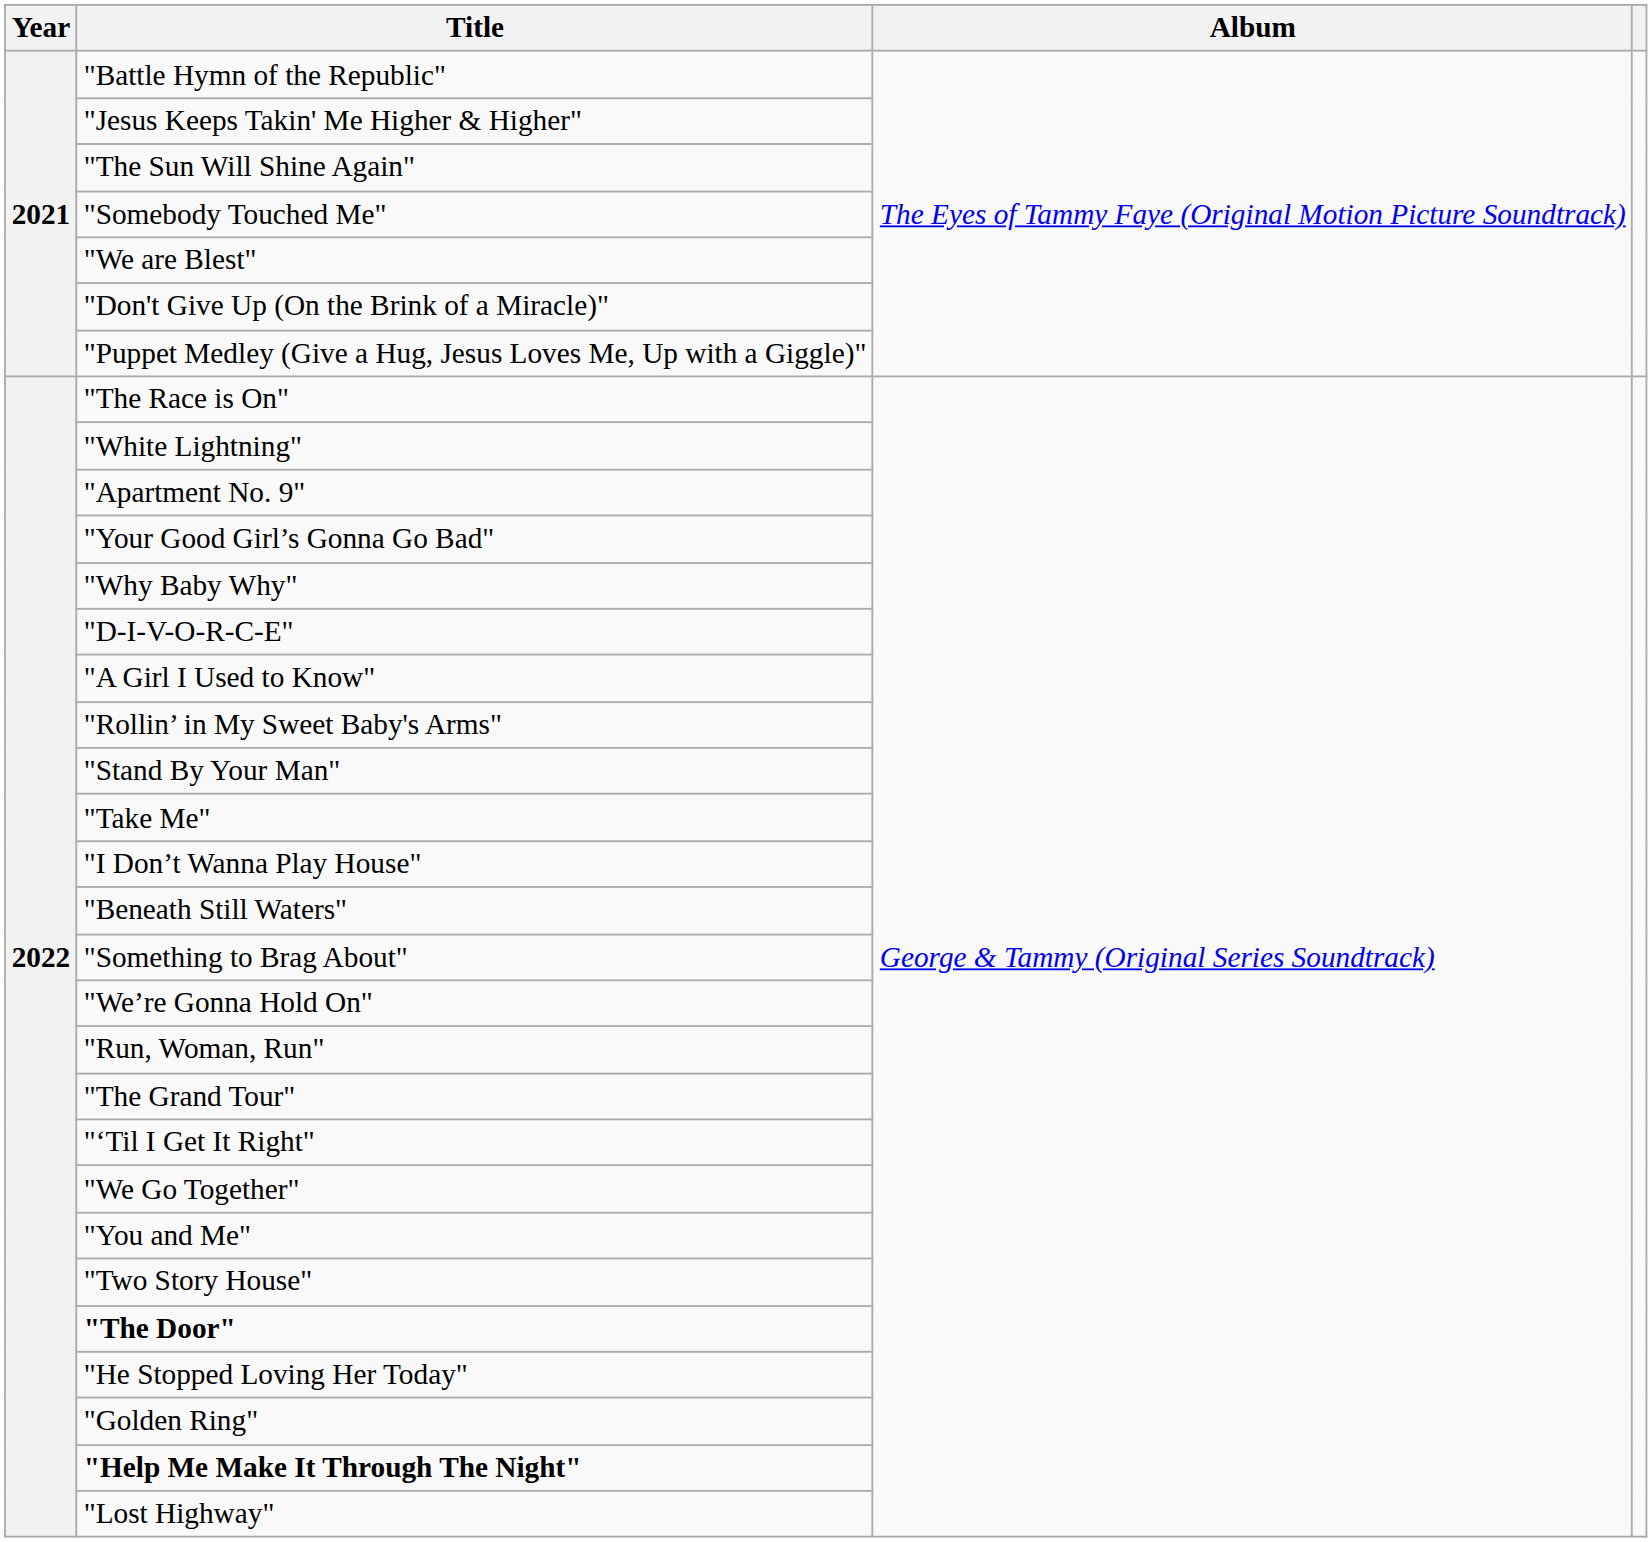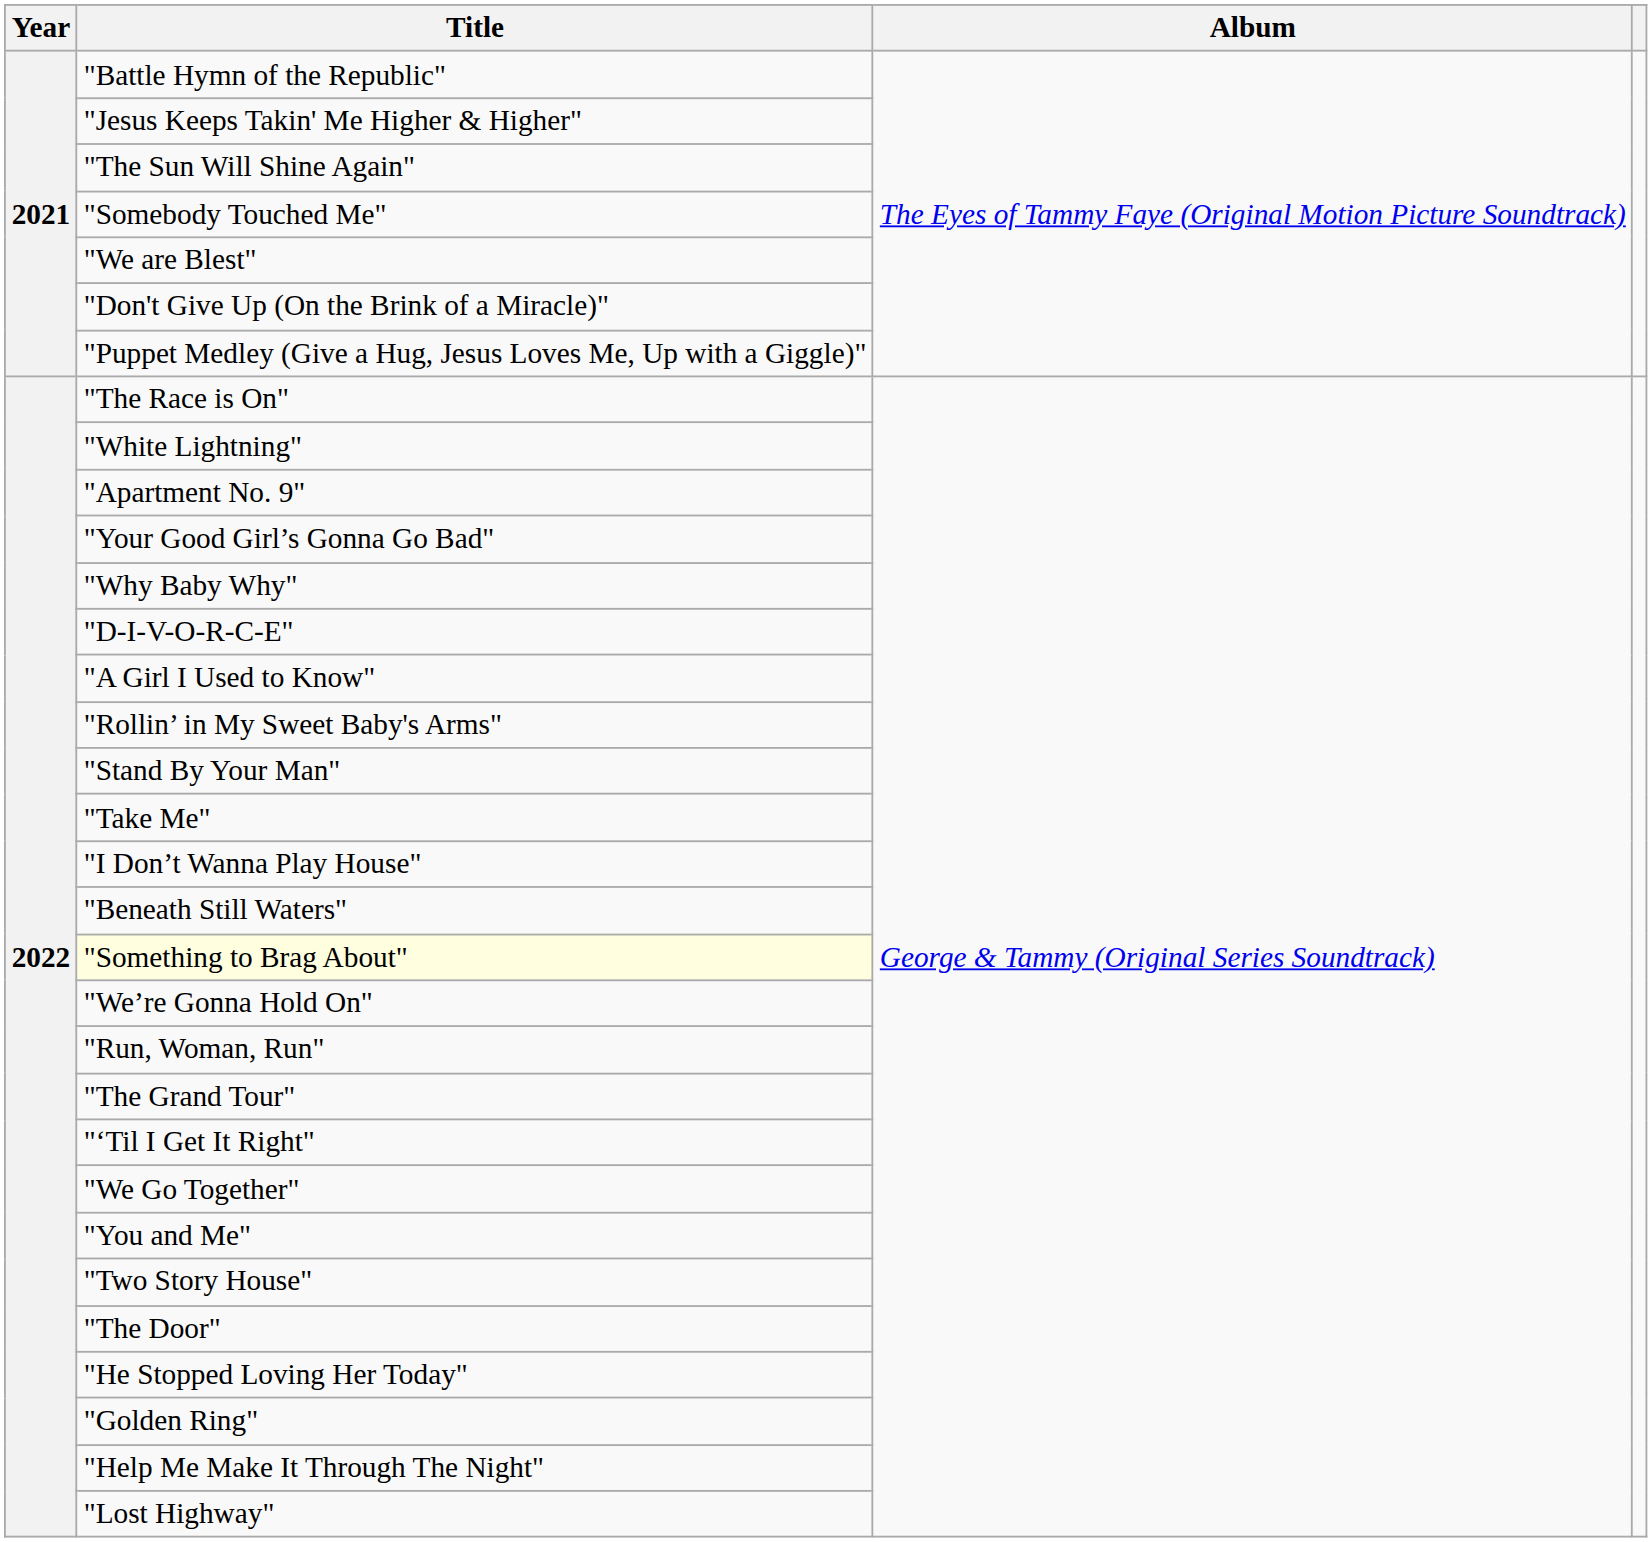 <table class="wikitable plainrowheaders sortable" style="margin-right: 0;">
 <tr>
 <th scope="col">Year</th>
 <th scope="col">Title</th>
 <th scope="col">Album</th>
 <th scope="col" class="unsortable"></th>
 </tr>
 <tr>
 <th scope="row" rowspan="7">2021</th>
 <td>"Battle Hymn of the Republic"</td>
 <td rowspan="7"><em><a href='#'>The Eyes of Tammy Faye (Original Motion Picture Soundtrack)</a></em></td>
 <td rowspan="7"></td>
 </tr>
 <tr>
 <td>"Jesus Keeps Takin' Me Higher & Higher"</td>
 </tr>
 <tr>
 <td>"The Sun Will Shine Again"</td>
 </tr>
 <tr>
 <td>"Somebody Touched Me"</td>
 </tr>
 <tr>
 <td>"We are Blest"</td>
 </tr>
 <tr>
 <td>"Don't Give Up (On the Brink of a Miracle)"</td>
 </tr>
 <tr>
 <td>"Puppet Medley (Give a Hug, Jesus Loves Me, Up with a Giggle)"</td>
 </tr>
 <tr>
 <th scope="row" rowspan="25">2022</th>
 <td>"The Race is On"</td>
 <td rowspan="25"><em><a href='#'>George & Tammy (Original Series Soundtrack)</a></em></td>
 <td rowspan="25"></td>
 </tr>
 <tr>
 <td>"White Lightning"</td>
 </tr>
 <tr>
 <td>"Apartment No. 9"</td>
 </tr>
 <tr>
 <td>"Your Good Girl’s Gonna Go Bad"</td>
 </tr>
 <tr>
 <td>"Why Baby Why"</td>
 </tr>
 <tr>
 <td>"D-I-V-O-R-C-E"</td>
 </tr>
 <tr>
 <td>"A Girl I Used to Know"</td>
 </tr>
 <tr>
 <td>"Rollin’ in My Sweet Baby's Arms"</td>
 </tr>
 <tr>
 <td>"Stand By Your Man"</td>
 </tr>
 <tr>
 <td>"Take Me"</td>
 </tr>
 <tr>
 <td>"I Don’t Wanna Play House"</td>
 </tr>
 <tr>
 <td>"Beneath Still Waters"</td>
 </tr>
 <tr>
-<td>"Something to Brag About"</td>
+<td style="background: lightyellow;">"Something to Brag About"</td>
 </tr>
 <tr>
 <td>"We’re Gonna Hold On"</td>
 </tr>
 <tr>
 <td>"Run, Woman, Run"</td>
 </tr>
 <tr>
 <td>"The Grand Tour"</td>
 </tr>
 <tr>
 <td>"‘Til I Get It Right"</td>
 </tr>
 <tr>
 <td>"We Go Together"</td>
 </tr>
 <tr>
 <td>"You and Me"</td>
 </tr>
 <tr>
 <td>"Two Story House"</td>
 </tr>
 <tr>
-<td><strong>"The Door"</strong></td>
+<td>"The Door"</td>
 </tr>
 <tr>
 <td>"He Stopped Loving Her Today"</td>
 </tr>
 <tr>
 <td>"Golden Ring"</td>
 </tr>
 <tr>
-<td><strong>"Help Me Make It Through The Night"</strong></td>
+<td>"Help Me Make It Through The Night"</td>
 </tr>
 <tr>
 <td>"Lost Highway"</td>
 </tr>
 </table>
